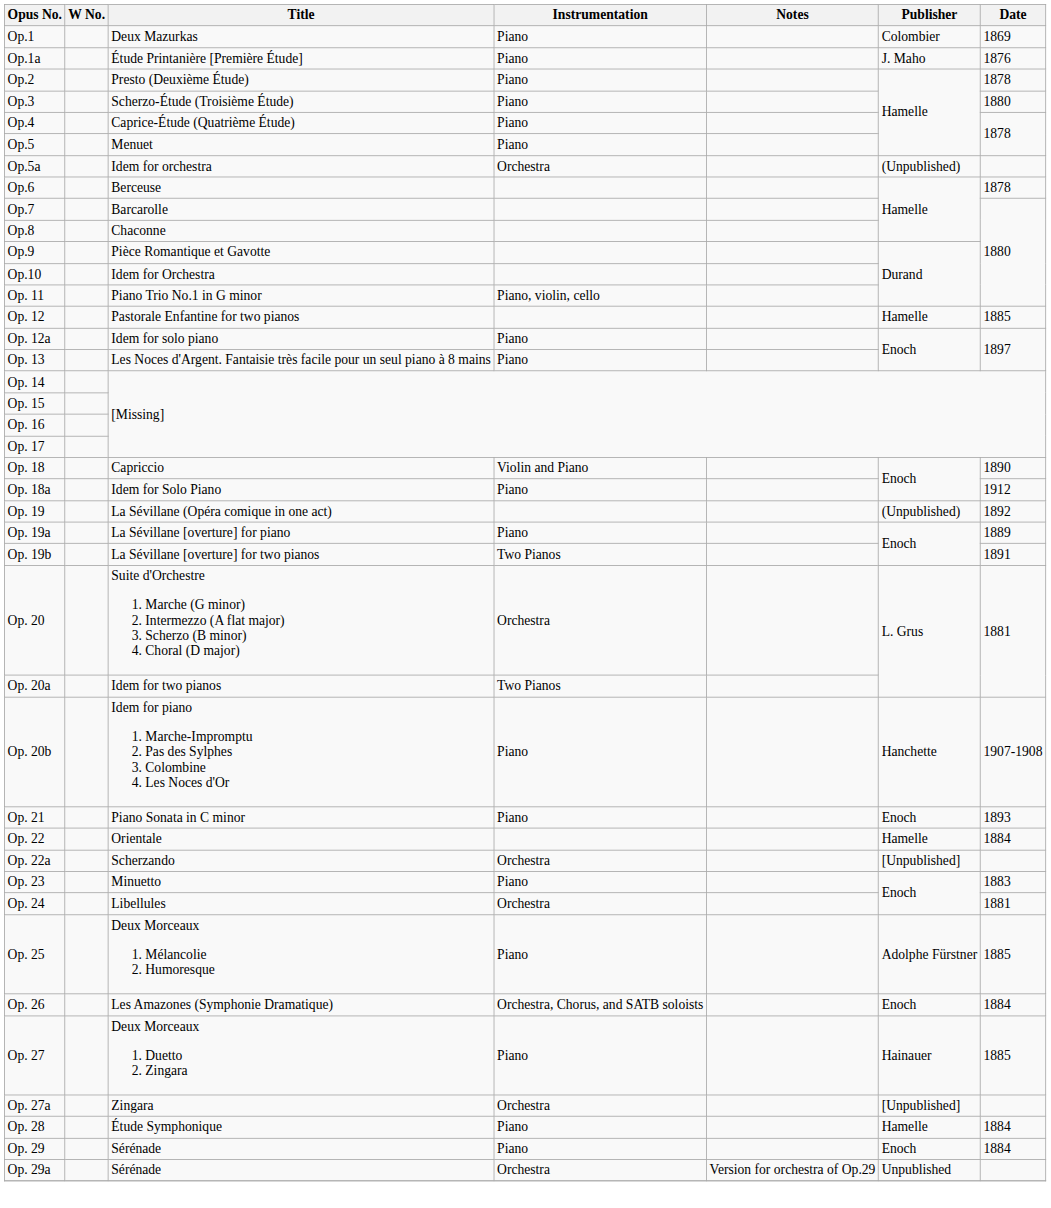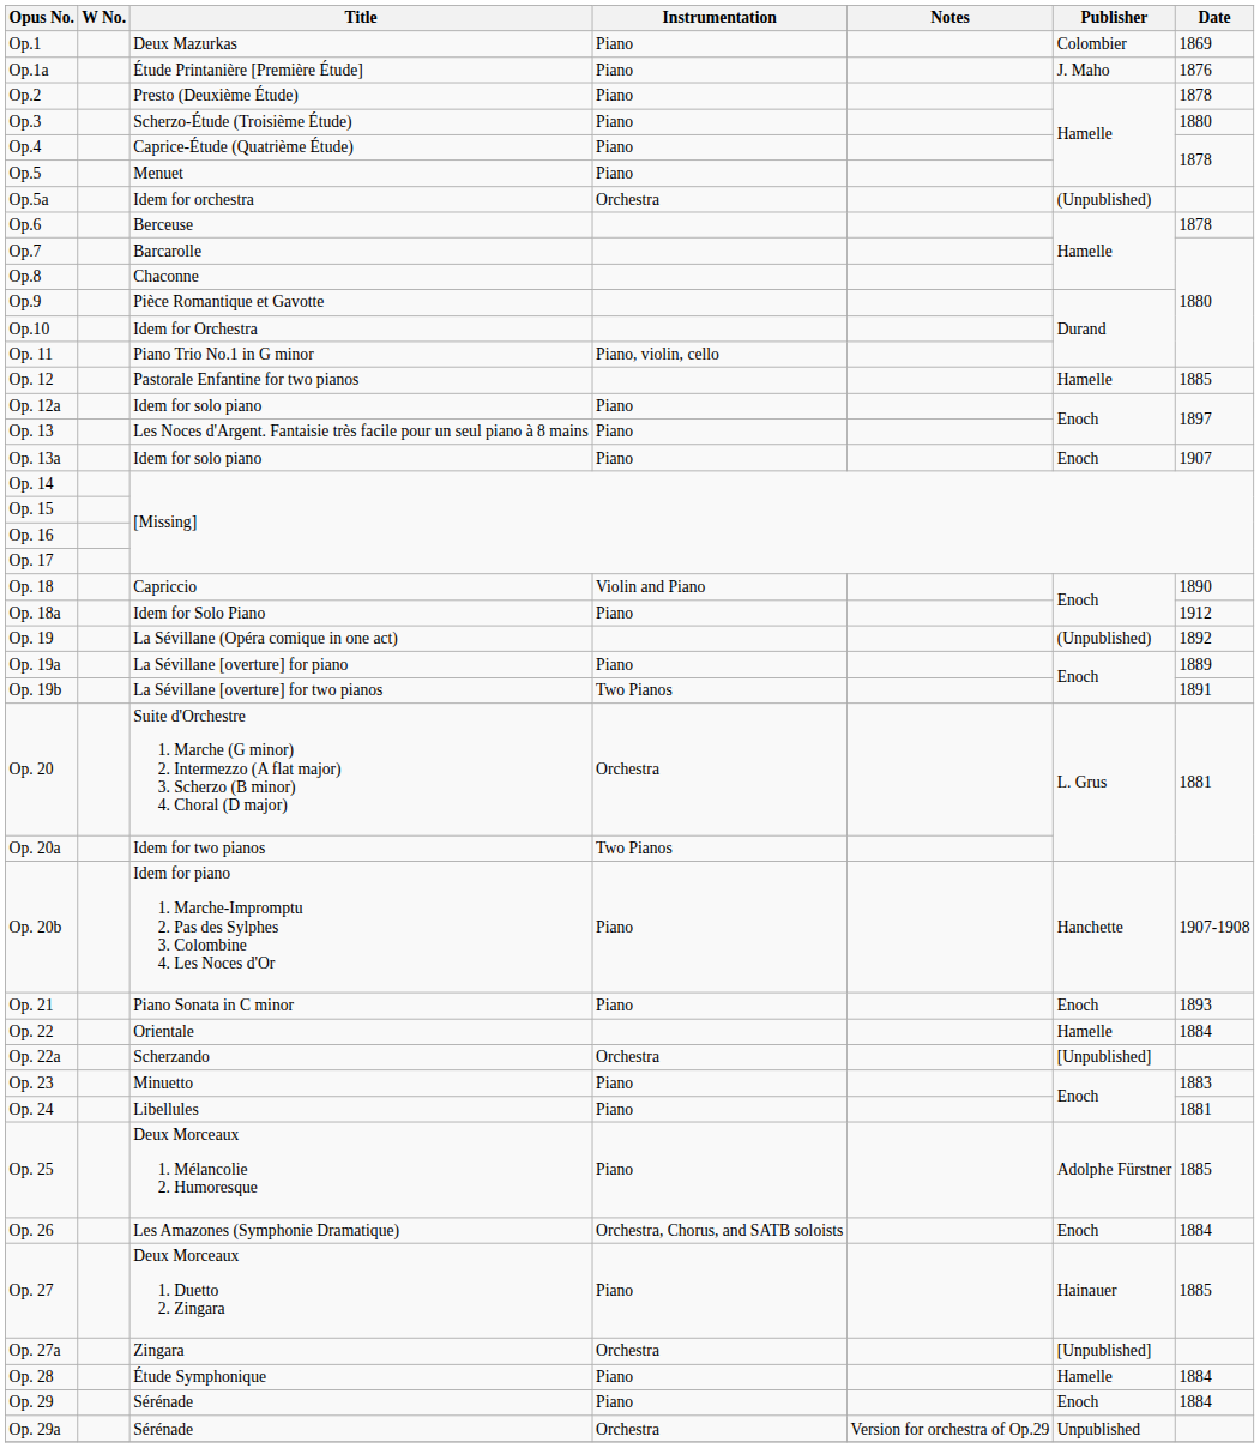 <table class="wikitable sortable">
 <tr>
 <th>Opus No.</th>
 <th>W No.</th>
 <th>Title</th>
 <th>Instrumentation</th>
 <th>Notes</th>
 <th>Publisher</th>
 <th>Date</th>
 </tr>
 <tr>
 <td>Op.1</td>
 <td></td>
 <td>Deux Mazurkas</td>
 <td>Piano</td>
 <td></td>
 <td>Colombier</td>
 <td>1869</td>
 </tr>
 <tr>
 <td>Op.1a</td>
 <td></td>
 <td>Étude Printanière [Première Étude]</td>
 <td>Piano</td>
 <td></td>
 <td>J. Maho</td>
 <td>1876</td>
 </tr>
 <tr>
 <td>Op.2</td>
 <td></td>
 <td>Presto (Deuxième Étude)</td>
 <td>Piano</td>
 <td></td>
 <td rowspan="4">Hamelle</td>
 <td>1878</td>
 </tr>
 <tr>
 <td>Op.3</td>
 <td></td>
 <td>Scherzo-Étude (Troisième Étude)</td>
 <td>Piano</td>
 <td></td>
 <td>1880</td>
 </tr>
 <tr>
 <td>Op.4</td>
 <td></td>
 <td>Caprice-Étude (Quatrième Étude)</td>
 <td>Piano</td>
 <td></td>
 <td rowspan="2">1878</td>
 </tr>
 <tr>
 <td>Op.5</td>
 <td></td>
 <td>Menuet</td>
 <td>Piano</td>
 <td></td>
 </tr>
 <tr>
 <td>Op.5a</td>
 <td></td>
 <td>Idem for orchestra</td>
 <td>Orchestra</td>
 <td></td>
 <td>(Unpublished)</td>
 <td></td>
 </tr>
 <tr>
 <td>Op.6</td>
 <td></td>
 <td>Berceuse</td>
 <td></td>
 <td></td>
 <td rowspan="3">Hamelle</td>
 <td>1878</td>
 </tr>
 <tr>
 <td>Op.7</td>
 <td></td>
 <td>Barcarolle</td>
 <td></td>
 <td></td>
 <td rowspan="5">1880</td>
 </tr>
 <tr>
 <td>Op.8</td>
 <td></td>
 <td>Chaconne</td>
 <td></td>
 <td></td>
 </tr>
 <tr>
 <td>Op.9</td>
 <td></td>
 <td>Pièce Romantique et Gavotte</td>
 <td></td>
 <td></td>
 <td rowspan="3">Durand</td>
 </tr>
 <tr>
 <td>Op.10</td>
 <td></td>
 <td>Idem for Orchestra</td>
 <td></td>
 <td></td>
 </tr>
 <tr>
 <td>Op. 11</td>
 <td></td>
 <td>Piano Trio No.1 in G minor</td>
 <td>Piano, violin, cello</td>
 <td></td>
 </tr>
 <tr>
 <td>Op. 12</td>
 <td></td>
 <td>Pastorale Enfantine for two pianos</td>
 <td></td>
 <td></td>
 <td>Hamelle</td>
 <td>1885</td>
 </tr>
 <tr>
 <td>Op. 12a</td>
 <td></td>
 <td>Idem for solo piano</td>
 <td>Piano</td>
 <td></td>
 <td rowspan="2">Enoch</td>
 <td rowspan="2">1897</td>
 </tr>
 <tr>
 <td>Op. 13</td>
 <td></td>
 <td>Les Noces d'Argent. Fantaisie très facile pour un seul piano à 8 mains</td>
 <td>Piano</td>
 <td></td>
 </tr>
 <tr>
+<td>Op. 13a</td>
+<td></td>
+<td>Idem for solo piano</td>
+<td>Piano</td>
+<td></td>
+<td>Enoch</td>
+<td>1907</td>
+</tr>
+<tr>
 <td>Op. 14</td>
 <td></td>
 <td colspan="5" rowspan="4">[Missing]</td>
 </tr>
 <tr>
 <td>Op. 15</td>
 <td></td>
 </tr>
 <tr>
 <td>Op. 16</td>
 <td></td>
 </tr>
 <tr>
 <td>Op. 17</td>
 <td></td>
 </tr>
 <tr>
 <td>Op. 18</td>
 <td></td>
 <td>Capriccio</td>
 <td>Violin and Piano</td>
 <td></td>
 <td rowspan="2">Enoch</td>
 <td>1890</td>
 </tr>
 <tr>
 <td>Op. 18a</td>
 <td></td>
 <td>Idem for Solo Piano</td>
 <td>Piano</td>
 <td></td>
 <td>1912</td>
 </tr>
 <tr>
 <td>Op. 19</td>
 <td></td>
 <td>La Sévillane (Opéra comique in one act)</td>
 <td></td>
 <td></td>
 <td>(Unpublished)</td>
 <td>1892</td>
 </tr>
 <tr>
 <td>Op. 19a</td>
 <td></td>
 <td>La Sévillane [overture] for piano</td>
 <td>Piano</td>
 <td></td>
 <td rowspan="2">Enoch</td>
 <td>1889</td>
 </tr>
 <tr>
 <td>Op. 19b</td>
 <td></td>
 <td>La Sévillane [overture] for two pianos</td>
 <td>Two Pianos</td>
 <td></td>
 <td>1891</td>
 </tr>
 <tr>
 <td>Op. 20</td>
 <td></td>
 <td>Suite d'Orchestre<br><ol><li>Marche (G minor)</li><li>Intermezzo (A flat major)</li><li>Scherzo (B minor)</li><li>Choral (D major)</li></ol></td>
 <td>Orchestra</td>
 <td></td>
 <td rowspan="2">L. Grus</td>
 <td rowspan="2">1881</td>
 </tr>
 <tr>
 <td>Op. 20a</td>
 <td></td>
 <td>Idem for two pianos</td>
 <td>Two Pianos</td>
 <td></td>
 </tr>
 <tr>
 <td>Op. 20b</td>
 <td></td>
 <td>Idem for piano<br><ol><li>Marche-Impromptu</li><li>Pas des Sylphes</li><li>Colombine</li><li>Les Noces d'Or</li></ol></td>
 <td>Piano</td>
 <td></td>
 <td>Hanchette</td>
 <td>1907-1908</td>
 </tr>
 <tr>
 <td>Op. 21</td>
 <td></td>
 <td>Piano Sonata in C minor</td>
 <td>Piano</td>
 <td></td>
 <td>Enoch</td>
 <td>1893</td>
 </tr>
 <tr>
 <td>Op. 22</td>
 <td></td>
 <td>Orientale</td>
 <td></td>
 <td></td>
 <td>Hamelle</td>
 <td>1884</td>
 </tr>
 <tr>
 <td>Op. 22a</td>
 <td></td>
 <td>Scherzando</td>
 <td>Orchestra</td>
 <td></td>
 <td>[Unpublished]</td>
 <td></td>
 </tr>
 <tr>
 <td>Op. 23</td>
 <td></td>
 <td>Minuetto</td>
 <td>Piano</td>
 <td></td>
 <td rowspan="2">Enoch</td>
 <td>1883</td>
 </tr>
 <tr>
 <td>Op. 24</td>
 <td></td>
 <td>Libellules</td>
-<td>Orchestra</td>
+<td>Piano</td>
 <td></td>
 <td>1881</td>
 </tr>
 <tr>
 <td>Op. 25</td>
 <td></td>
 <td>Deux Morceaux<br><ol><li>Mélancolie</li><li>Humoresque</li></ol></td>
 <td>Piano</td>
 <td></td>
 <td>Adolphe Fürstner</td>
 <td>1885</td>
 </tr>
 <tr>
 <td>Op. 26</td>
 <td></td>
 <td>Les Amazones (Symphonie Dramatique)</td>
 <td>Orchestra, Chorus, and SATB soloists</td>
 <td></td>
 <td>Enoch</td>
 <td>1884</td>
 </tr>
 <tr>
 <td>Op. 27</td>
 <td></td>
 <td>Deux Morceaux<br><ol><li>Duetto</li><li>Zingara</li></ol></td>
 <td>Piano</td>
 <td></td>
 <td>Hainauer</td>
 <td>1885</td>
 </tr>
 <tr>
 <td>Op. 27a</td>
 <td></td>
 <td>Zingara</td>
 <td>Orchestra</td>
 <td></td>
 <td>[Unpublished]</td>
 <td></td>
 </tr>
 <tr>
 <td>Op. 28</td>
 <td></td>
 <td>Étude Symphonique</td>
 <td>Piano</td>
 <td></td>
 <td>Hamelle</td>
 <td>1884</td>
 </tr>
 <tr>
 <td>Op. 29</td>
 <td></td>
 <td>Sérénade</td>
 <td>Piano</td>
 <td></td>
 <td>Enoch</td>
 <td>1884</td>
 </tr>
 <tr>
 <td>Op. 29a</td>
 <td></td>
 <td>Sérénade</td>
 <td>Orchestra</td>
 <td>Version for orchestra of Op.29</td>
 <td>Unpublished</td>
 <td></td>
 </tr>
 <tr>
 </tr>
 </table>
